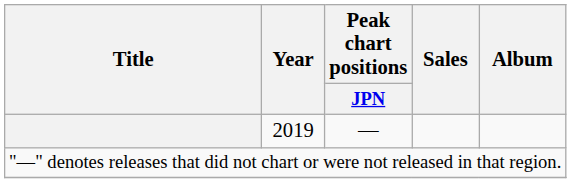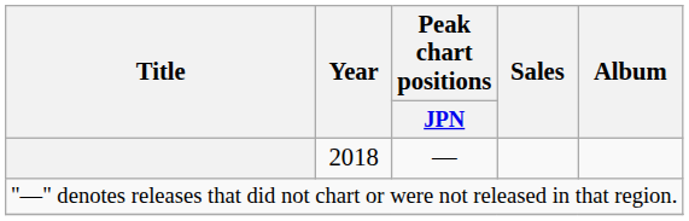 <table class="wikitable plainrowheaders" style="text-align:center;">
 <tr>
 <th scope="col" rowspan="2" style="width:12em;">Title</th>
 <th scope="col" rowspan="2">Year</th>
 <th scope="col" colspan="1">Peak chart positions</th>
 <th scope="col" rowspan="2">Sales</th>
 <th scope="col" rowspan="2">Album</th>
 </tr>
 <tr>
 <th scope="col" style="width:3em;font-size:90%;"><a href='#'>JPN</a><br></th>
 </tr>
 <tr>
 <th scope="row"><br></th>
-<td>2019</td>
+<td>2018</td>
 <td>—</td>
 <td></td>
 <td></td>
 </tr>
 <tr>
 <td colspan="5" style="font-size:90%;">"—" denotes releases that did not chart or were not released in that region.</td>
 </tr>
 <tr>
 </tr>
 </table>
